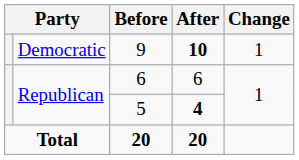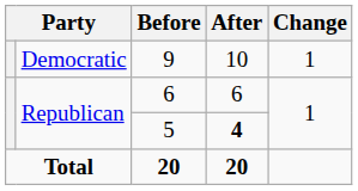 <table class="wikitable" style="text-align:center;">
 <tr>
 <th colspan="2">Party</th>
 <th>Before</th>
 <th>After</th>
 <th>Change</th>
 </tr>
 <tr>
 <th style="background-color:"></th>
 <td style="text-align:left;"><a href='#'>Democratic</a></td>
 <td>9</td>
-<td><strong>10</strong></td>
+<td>10</td>
 <td> 1</td>
 </tr>
 <tr>
 <th rowspan="2" style="background-color:"></th>
 <td rowspan="2" style="text-align:left;"><a href='#'>Republican</a></td>
 <td>6</td>
 <td>6</td>
 <td rowspan="2"> 1</td>
 </tr>
 <tr>
 <td>5</td>
 <td><strong>4</strong></td>
 </tr>
 <tr>
 <td colspan="2"><strong>Total</strong></td>
 <td><strong>20</strong></td>
 <td><strong>20</strong></td>
 <td></td>
 </tr>
 </table>
